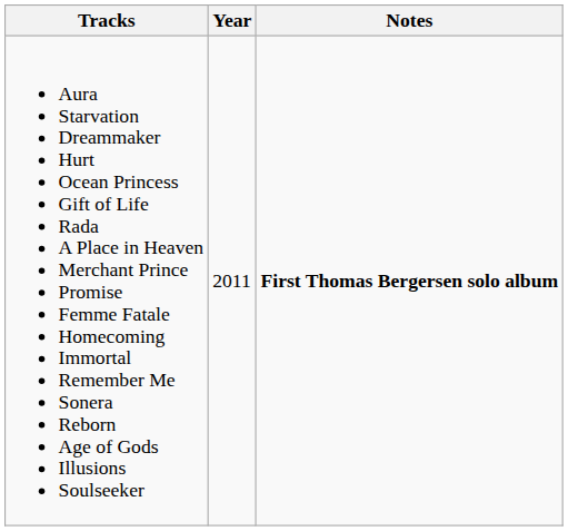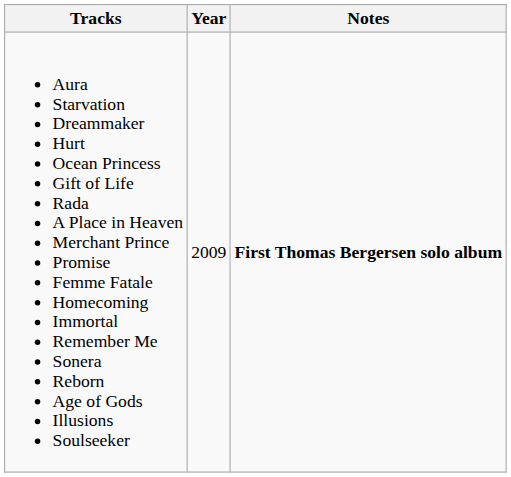 <table class="wikitable sortable">
 <tr>
 <th>Tracks</th>
 <th>Year</th>
 <th>Notes</th>
 </tr>
 <tr>
 <td><br><ul><li>Aura</li><li>Starvation</li><li>Dreammaker</li><li>Hurt</li><li>Ocean Princess</li><li>Gift of Life</li><li>Rada</li><li>A Place in Heaven</li><li>Merchant Prince</li><li>Promise</li><li>Femme Fatale</li><li>Homecoming</li><li>Immortal</li><li>Remember Me</li><li>Sonera</li><li>Reborn</li><li>Age of Gods</li><li>Illusions</li><li>Soulseeker</li></ul></td>
-<td>2011</td>
+<td>2009</td>
 <td><strong>First Thomas Bergersen solo album</strong></td>
 </tr>
 </table>
